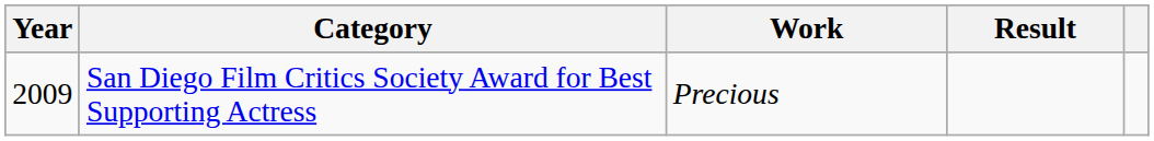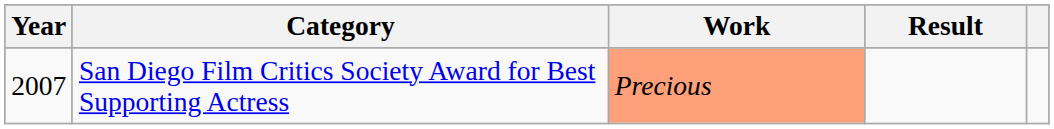 <table class="wikitable">
 <tr>
 <th scope="col" style="width:1em;">Year</th>
 <th scope="col" style="width:44em;">Category</th>
 <th scope="col" style="width:18em;">Work</th>
 <th scope="col" style="width:10em;">Result</th>
 <th class="unsortable" style="width:1em;"></th>
 </tr>
 <tr>
-<td>2009</td>
+<td>2007</td>
 <td><a href='#'>San Diego Film Critics Society Award for Best Supporting Actress</a> </td>
-<td><em>Precious</em></td>
+<td style="background: lightsalmon;"><em>Precious</em></td>
 <td></td>
 <td></td>
 </tr>
 </table>
